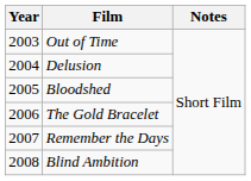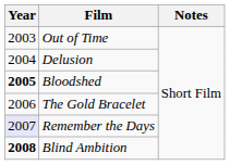 <table class="wikitable sortable">
 <tr>
 <th>Year</th>
 <th>Film</th>
 <th>Notes</th>
 </tr>
 <tr>
 <td>2003</td>
 <td><em>Out of Time</em></td>
 <td rowspan="6">Short Film</td>
 </tr>
 <tr>
 <td>2004</td>
 <td><em>Delusion</em></td>
 </tr>
 <tr>
-<td>2005</td>
+<td><strong>2005</strong></td>
 <td><em>Bloodshed</em></td>
 </tr>
 <tr>
 <td>2006</td>
 <td><em>The Gold Bracelet</em></td>
 </tr>
 <tr>
-<td>2007</td>
+<td style="background: lavender;">2007</td>
 <td><em>Remember the Days</em></td>
 </tr>
 <tr>
-<td>2008</td>
+<td><strong>2008</strong></td>
 <td><em>Blind Ambition</em></td>
 </tr>
 </table>
